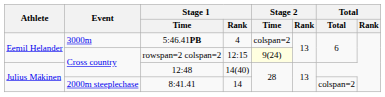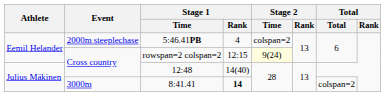 <table class="wikitable" style="font-size:90%">
 <tr>
 <th rowspan=2>Athlete</th>
 <th rowspan=2>Event</th>
 <th colspan=2>Stage 1</th>
 <th colspan=2>Stage 2</th>
 <th colspan=2>Total</th>
 </tr>
 <tr style="font-size:95%">
 <th>Time</th>
 <th>Rank</th>
 <th>Time</th>
 <th>Rank</th>
 <th>Total</th>
 <th>Rank</th>
 </tr>
 <tr align=center>
 <td rowspan=2 align=left><a href='#'>Eemil Helander</a></td>
-<td align=left><a href='#'>3000m</a></td>
+<td align=left><a href='#'>2000m steeplechase</a></td>
 <td>5:46.41<strong>PB</strong></td>
 <td>4</td>
 <td>colspan=2 </td>
 <td rowspan=2>13</td>
 <td rowspan=2>6</td>
 </tr>
 <tr align=center>
 <td rowspan=2 align=left><a href='#'>Cross country</a></td>
 <td>rowspan=2 colspan=2 </td>
 <td>12:15</td>
 <td style="background: lightyellow;">9(24)</td>
 </tr>
 <tr align=center>
 <td rowspan=2 align=left><a href='#'>Julius Mäkinen</a></td>
 <td>12:48</td>
 <td>14(40)</td>
 <td rowspan=2>28</td>
 <td rowspan=2>13</td>
 </tr>
 <tr align=center>
-<td align=left><a href='#'>2000m steeplechase</a></td>
+<td align=left><a href='#'>3000m</a></td>
 <td>8:41.41</td>
-<td>14</td>
+<td><strong>14</strong></td>
 <td>colspan=2 </td>
 </tr>
 </table>
